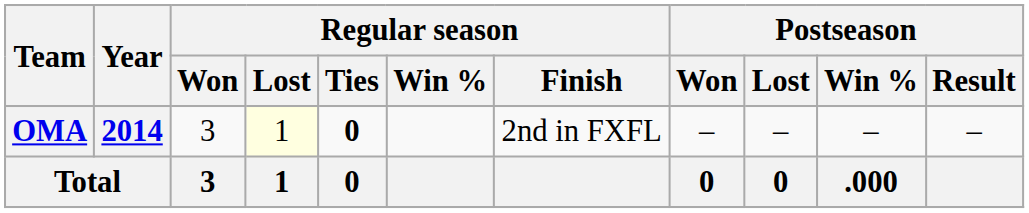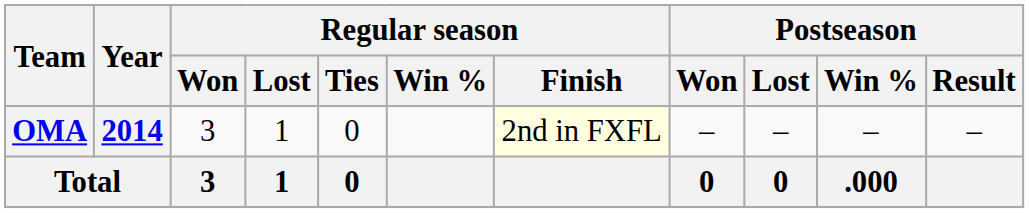 <table class="wikitable" style="font-size: 95%; text-align:center;">
 <tr>
 <th rowspan="2">Team</th>
 <th rowspan="2">Year</th>
 <th colspan="5">Regular season</th>
 <th colspan="4">Postseason</th>
 </tr>
 <tr>
 <th>Won</th>
 <th>Lost</th>
 <th>Ties</th>
 <th>Win %</th>
 <th>Finish</th>
 <th>Won</th>
 <th>Lost</th>
 <th>Win %</th>
 <th>Result</th>
 </tr>
 <tr>
 <th><a href='#'>OMA</a></th>
 <th><a href='#'>2014</a></th>
 <td>3</td>
-<td style="background: lightyellow;">1</td>
-<td><strong>0</strong></td>
+<td>1</td>
+<td>0</td>
 <td></td>
-<td>2nd in FXFL</td>
+<td style="background: lightyellow;">2nd in FXFL</td>
 <td>–</td>
 <td>–</td>
 <td>–</td>
 <td>–</td>
 </tr>
 <tr>
 <th colspan="2">Total</th>
 <th>3</th>
 <th>1</th>
 <th>0</th>
 <th></th>
 <th></th>
 <th>0</th>
 <th>0</th>
 <th>.000</th>
 <th></th>
 </tr>
 <tr>
 </tr>
 </table>
